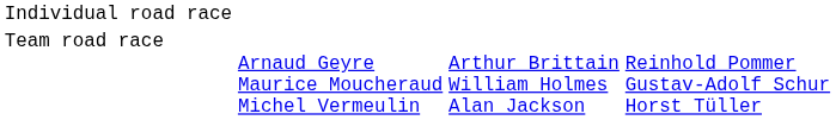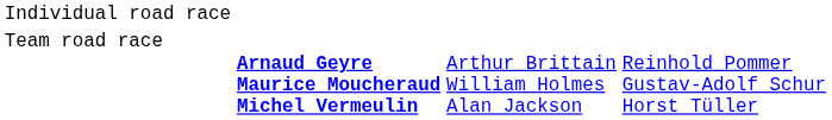 <table>
 <tr>
 <td>Individual road race<br></td>
 <td></td>
 <td></td>
 <td></td>
 </tr>
 <tr valign="top">
 <td>Team road race<br></td>
-<td><br><a href='#'>Arnaud Geyre</a><br><a href='#'>Maurice Moucheraud</a><br><a href='#'>Michel Vermeulin</a></td>
+<td><strong><br><a href='#'>Arnaud Geyre</a><br><a href='#'>Maurice Moucheraud</a><br><a href='#'>Michel Vermeulin</a></strong></td>
 <td><br><a href='#'>Arthur Brittain</a><br><a href='#'>William Holmes</a><br><a href='#'>Alan Jackson</a></td>
 <td><br><a href='#'>Reinhold Pommer</a><br><a href='#'>Gustav-Adolf Schur</a><br><a href='#'>Horst Tüller</a></td>
 </tr>
 </table>
